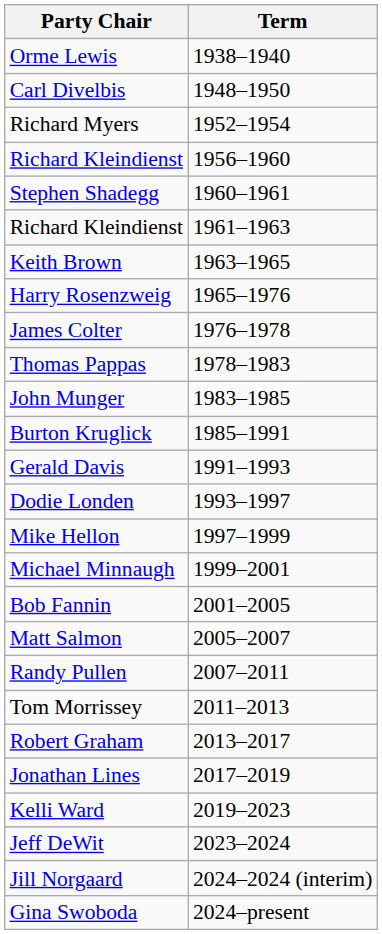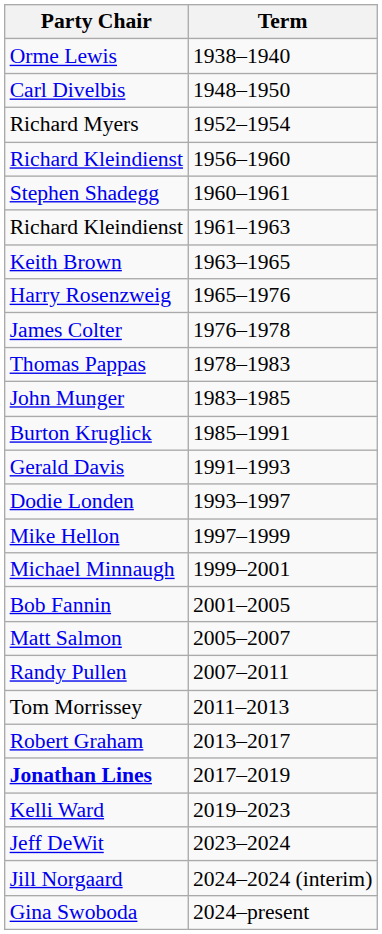 <table class="wikitable">
 <tr>
 <th>Party Chair</th>
 <th>Term</th>
 </tr>
 <tr>
 <td><a href='#'>Orme Lewis</a></td>
 <td>1938–1940</td>
 </tr>
 <tr>
 <td><a href='#'>Carl Divelbis</a></td>
 <td>1948–1950</td>
 </tr>
 <tr>
 <td>Richard Myers</td>
 <td>1952–1954</td>
 </tr>
 <tr>
 <td><a href='#'>Richard Kleindienst</a></td>
 <td>1956–1960</td>
 </tr>
 <tr>
 <td><a href='#'>Stephen Shadegg</a></td>
 <td>1960–1961</td>
 </tr>
 <tr>
 <td>Richard Kleindienst</td>
 <td>1961–1963</td>
 </tr>
 <tr>
 <td><a href='#'>Keith Brown</a></td>
 <td>1963–1965</td>
 </tr>
 <tr>
 <td><a href='#'>Harry Rosenzweig</a></td>
 <td>1965–1976</td>
 </tr>
 <tr>
 <td><a href='#'>James Colter</a></td>
 <td>1976–1978</td>
 </tr>
 <tr>
 <td><a href='#'>Thomas Pappas</a></td>
 <td>1978–1983</td>
 </tr>
 <tr>
 <td><a href='#'>John Munger</a></td>
 <td>1983–1985</td>
 </tr>
 <tr>
 <td><a href='#'>Burton Kruglick</a></td>
 <td>1985–1991</td>
 </tr>
 <tr>
 <td><a href='#'>Gerald Davis</a></td>
 <td>1991–1993</td>
 </tr>
 <tr>
 <td><a href='#'>Dodie Londen</a></td>
 <td>1993–1997</td>
 </tr>
 <tr>
 <td><a href='#'>Mike Hellon</a></td>
 <td>1997–1999</td>
 </tr>
 <tr>
 <td><a href='#'>Michael Minnaugh</a></td>
 <td>1999–2001</td>
 </tr>
 <tr>
 <td><a href='#'>Bob Fannin</a></td>
 <td>2001–2005</td>
 </tr>
 <tr>
 <td><a href='#'>Matt Salmon</a></td>
 <td>2005–2007</td>
 </tr>
 <tr>
 <td><a href='#'>Randy Pullen</a></td>
 <td>2007–2011</td>
 </tr>
 <tr>
 <td>Tom Morrissey</td>
 <td>2011–2013</td>
 </tr>
 <tr>
 <td><a href='#'>Robert Graham</a></td>
 <td>2013–2017</td>
 </tr>
 <tr>
-<td><a href='#'>Jonathan Lines</a></td>
+<td><strong><a href='#'>Jonathan Lines</a></strong></td>
 <td>2017–2019</td>
 </tr>
 <tr>
 <td><a href='#'>Kelli Ward</a></td>
 <td>2019–2023</td>
 </tr>
 <tr>
 <td><a href='#'>Jeff DeWit</a></td>
 <td>2023–2024</td>
 </tr>
 <tr>
 <td><a href='#'>Jill Norgaard</a></td>
 <td>2024–2024 (interim)</td>
 </tr>
 <tr>
 <td><a href='#'>Gina Swoboda</a></td>
 <td>2024–present</td>
 </tr>
 </table>
